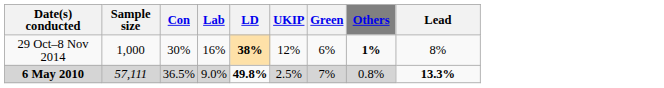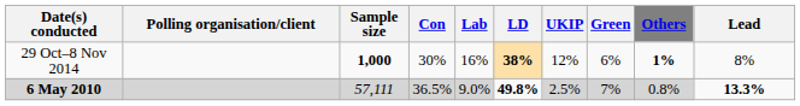 <table class="wikitable sortable" style="text-align:center;font-size:90%;line-height:14px">
 <tr>
 <th ! style="width:105px;">Date(s)<br>conducted</th>
+<th style="width:200px;">Polling organisation/client</th>
 <th class="unsortable" style="width:60px;">Sample size</th>
 <th class="unsortable" style="background:"><a href='#'><span>Con</span></a></th>
 <th class="unsortable" style="background:"><a href='#'><span>Lab</span></a></th>
 <th class="unsortable" style="background:"><a href='#'><span>LD</span></a></th>
 <th class="unsortable" style="background:"><a href='#'><span>UKIP</span></a></th>
 <th class="unsortable" style="background:"><a href='#'><span>Green</span></a></th>
 <th class="unsortable" style="background:gray; width:50px;"><a href='#'><span>Others</span></a></th>
 <th class="unsortable" style="width:90px;">Lead</th>
 </tr>
 <tr>
 <td>29 Oct–8 Nov 2014</td>
-<td>1,000</td>
+<td> </td>
+<td><strong>1,000</strong></td>
 <td>30%</td>
 <td>16%</td>
 <td style="background:#FEE1A8"><strong>38%</strong></td>
 <td>12%</td>
 <td>6%</td>
 <td><strong>1%</strong></td>
 <td style="background:">8%</td>
 </tr>
 <tr>
 <td style="background:#D5D5D5"><strong>6 May 2010</strong></td>
+<td style="background:#D5D5D5"></td>
 <td style="background:#D5D5D5"><em>57,111</em></td>
 <td style="background:#D5D5D5">36.5%</td>
 <td style="background:#D5D5D5">9.0%</td>
 <td style="background:"><strong>49.8%</strong></td>
 <td style="background:#D5D5D5">2.5%</td>
 <td style="background:#D5D5D5">7%</td>
 <td style="background:#D5D5D5">0.8%</td>
 <td style="background:"><strong>13.3% </strong></td>
 </tr>
 </table>
